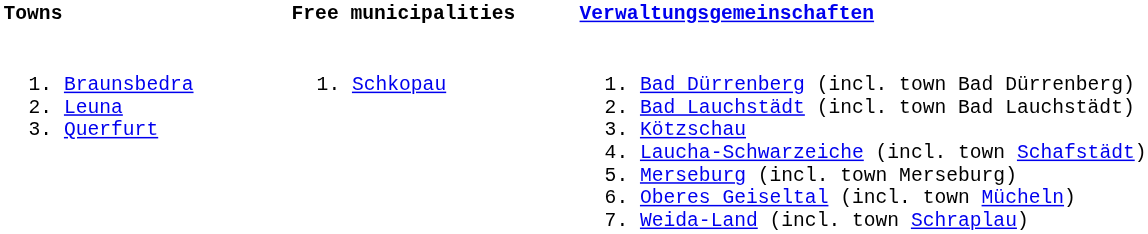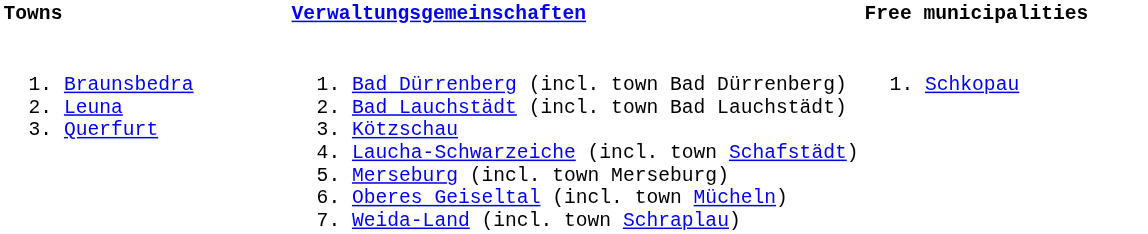 <table>
 <tr>
 <th width=25% align=left>Towns</th>
+<th width=50% align=left><a href='#'>Verwaltungsgemeinschaften</a></th>
 <th width=25% align=left>Free municipalities</th>
-<th width=50% align=left><a href='#'>Verwaltungsgemeinschaften</a></th>
 </tr>
 <tr valign=top>
 <td><br><ol><li><a href='#'>Braunsbedra</a></li><li><a href='#'>Leuna</a></li><li><a href='#'>Querfurt</a></li></ol></td>
+<td><br><ol><li><a href='#'>Bad Dürrenberg</a> (incl. town Bad Dürrenberg)</li><li><a href='#'>Bad Lauchstädt</a> (incl. town Bad Lauchstädt)</li><li><a href='#'>Kötzschau</a></li><li><a href='#'>Laucha-Schwarzeiche</a> (incl. town <a href='#'>Schafstädt</a>)</li><li><a href='#'>Merseburg</a> (incl. town Merseburg)</li><li><a href='#'>Oberes Geiseltal</a> (incl. town <a href='#'>Mücheln</a>)</li><li><a href='#'>Weida-Land</a> (incl. town <a href='#'>Schraplau</a>)</li></ol></td>
 <td><br><ol><li><a href='#'>Schkopau</a></li></ol></td>
-<td><br><ol><li><a href='#'>Bad Dürrenberg</a> (incl. town Bad Dürrenberg)</li><li><a href='#'>Bad Lauchstädt</a> (incl. town Bad Lauchstädt)</li><li><a href='#'>Kötzschau</a></li><li><a href='#'>Laucha-Schwarzeiche</a> (incl. town <a href='#'>Schafstädt</a>)</li><li><a href='#'>Merseburg</a> (incl. town Merseburg)</li><li><a href='#'>Oberes Geiseltal</a> (incl. town <a href='#'>Mücheln</a>)</li><li><a href='#'>Weida-Land</a> (incl. town <a href='#'>Schraplau</a>)</li></ol></td>
 </tr>
 </table>
